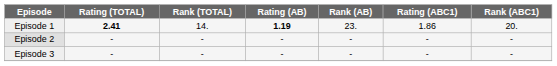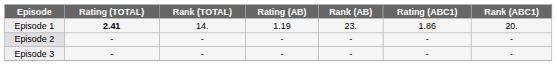 <table class="wikitable" style="text-align:center; width:100%; margin:auto; background-color:#F5F5F5; font-size:90%;">
 <tr>
 <th style="background-color:#666; color:#FFF;">Episode</th>
 <th style="background-color:#666; color:#FFF;">Rating (TOTAL)</th>
 <th style="background-color:#666; color:#FFF;">Rank (TOTAL)</th>
 <th style="background-color:#666; color:#FFF;">Rating (AB)</th>
 <th style="background-color:#666; color:#FFF;">Rank (AB)</th>
 <th style="background-color:#666; color:#FFF;">Rating (ABC1)</th>
 <th style="background-color:#666; color:#FFF;">Rank (ABC1)</th>
 </tr>
 <tr>
 <td style="background-color:#EFEFEF;">Episode 1</td>
 <td><strong>2.41</strong></td>
 <td>14.</td>
-<td><strong>1.19</strong></td>
+<td>1.19</td>
 <td>23.</td>
 <td>1.86</td>
 <td>20.</td>
 </tr>
 <tr>
 <td style="background-color:#E0E0E0;">Episode 2</td>
 <td>- </td>
 <td>- </td>
 <td>- </td>
 <td>- </td>
 <td>- </td>
 <td>- </td>
 </tr>
 <tr>
 <td style="background-color:#EFEFEF;">Episode 3</td>
 <td>- </td>
 <td>- </td>
 <td>- </td>
 <td>- </td>
 <td>- </td>
 <td>- </td>
 </tr>
 <tr>
 </tr>
 </table>
